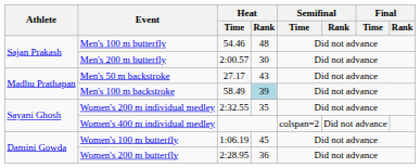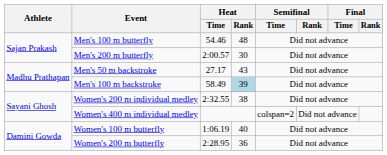 <table class=wikitable style="font-size:90%">
 <tr>
 <th rowspan="2">Athlete</th>
 <th rowspan="2">Event</th>
 <th colspan="2">Heat</th>
 <th colspan="2">Semifinal</th>
 <th colspan="2">Final</th>
 </tr>
 <tr style="font-size:95%">
 <th>Time</th>
 <th>Rank</th>
 <th>Time</th>
 <th>Rank</th>
 <th>Time</th>
 <th>Rank</th>
 </tr>
 <tr align=center>
 <td align=left rowspan=2><a href='#'>Sajan Prakash</a></td>
 <td align=left><a href='#'>Men's 100 m butterfly</a></td>
 <td>54.46</td>
 <td>48</td>
 <td colspan=4>Did not advance</td>
 </tr>
 <tr align=center>
 <td align=left><a href='#'>Men's 200 m butterfly</a></td>
 <td>2:00.57</td>
 <td>30</td>
 <td colspan=4>Did not advance</td>
 </tr>
 <tr align=center>
 <td align=left rowspan=2><a href='#'>Madhu Prathapan</a></td>
 <td align=left><a href='#'>Men's 50 m backstroke</a></td>
 <td>27.17</td>
 <td>43</td>
 <td colspan=4>Did not advance</td>
 </tr>
 <tr align=center>
 <td align=left><a href='#'>Men's 100 m backstroke</a></td>
 <td>58.49</td>
 <td style="background: lightblue;">39</td>
 <td colspan=4>Did not advance</td>
 </tr>
 <tr align=center>
 <td align=left rowspan=2><a href='#'>Sayani Ghosh</a></td>
 <td align=left><a href='#'>Women's 200 m individual medley</a></td>
 <td>2:32.55</td>
-<td>35</td>
+<td>38</td>
 <td colspan=4>Did not advance</td>
 </tr>
 <tr align=center>
 <td align=left><a href='#'>Women's 400 m individual medley</a></td>
 <td colspan=2></td>
 <td>colspan=2 </td>
 <td colspan=2>Did not advance</td>
 </tr>
 <tr align=center>
 <td align=left rowspan=2><a href='#'>Damini Gowda</a></td>
 <td align=left><a href='#'>Women's 100 m butterfly</a></td>
 <td>1:06.19</td>
-<td>45</td>
+<td>40</td>
 <td colspan=4>Did not advance</td>
 </tr>
 <tr align=center>
 <td align=left><a href='#'>Women's 200 m butterfly</a></td>
 <td>2:28.95</td>
 <td>36</td>
 <td colspan=4>Did not advance</td>
 </tr>
 </table>
